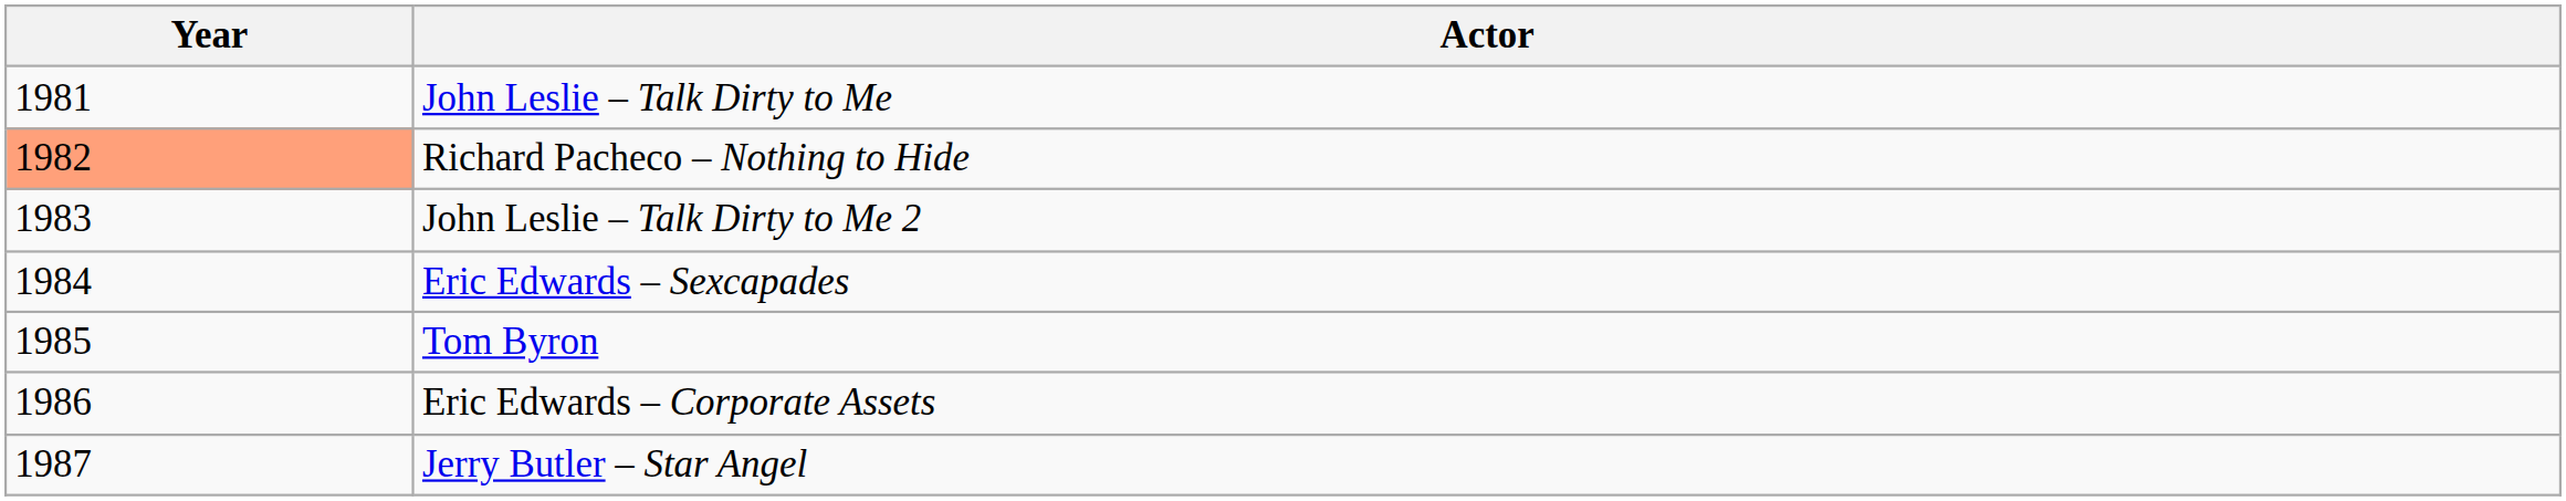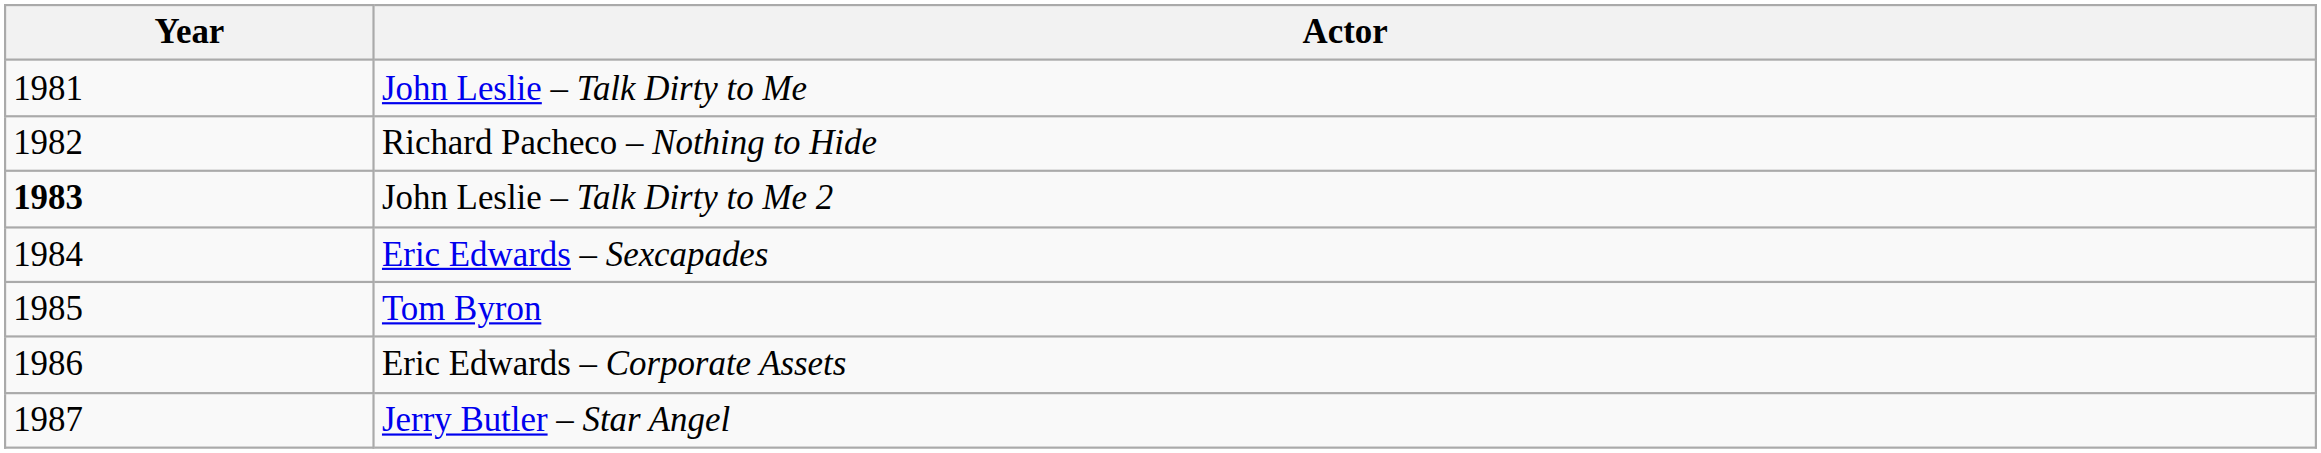 <table class=wikitable width="67%">
 <tr>
 <th width="15">Year</th>
 <th width="200">Actor</th>
 </tr>
 <tr>
 <td>1981</td>
 <td><a href='#'>John Leslie</a> – <em>Talk Dirty to Me</em></td>
 </tr>
 <tr>
-<td style="background: lightsalmon;">1982</td>
+<td>1982</td>
 <td>Richard Pacheco – <em>Nothing to Hide</em></td>
 </tr>
 <tr>
-<td>1983</td>
+<td><strong>1983</strong></td>
 <td>John Leslie – <em>Talk Dirty to Me 2</em></td>
 </tr>
 <tr>
 <td>1984</td>
 <td><a href='#'>Eric Edwards</a> – <em>Sexcapades</em></td>
 </tr>
 <tr>
 <td>1985</td>
 <td><a href='#'>Tom Byron</a></td>
 </tr>
 <tr>
 <td>1986</td>
 <td>Eric Edwards – <em>Corporate Assets</em></td>
 </tr>
 <tr>
 <td>1987</td>
 <td><a href='#'>Jerry Butler</a> – <em>Star Angel</em></td>
 </tr>
 </table>
